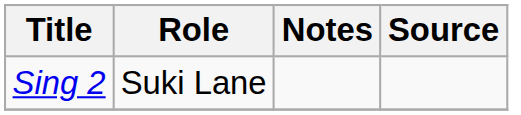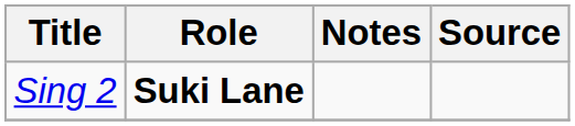 <table class="wikitable sortable plainrowheaders">
 <tr>
 <th>Title</th>
 <th>Role</th>
 <th class="unsortable">Notes</th>
 <th class="unsortable">Source</th>
 </tr>
 <tr>
 <td><em><a href='#'>Sing 2</a></em></td>
-<td>Suki Lane</td>
+<td><strong>Suki Lane</strong></td>
 <td></td>
 <td></td>
 </tr>
 <tr>
 </tr>
 </table>
